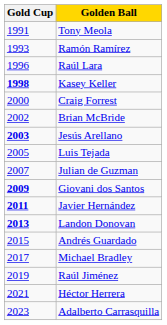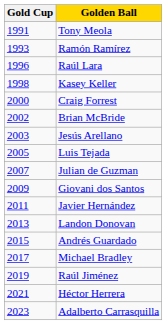 <table class="wikitable">
 <tr>
 <th>Gold Cup</th>
 <th scope=col style="background-color: gold">Golden Ball</th>
 </tr>
 <tr>
 <td align=left><a href='#'>1991</a></td>
 <td> <a href='#'>Tony Meola</a></td>
 </tr>
 <tr>
 <td align=left><a href='#'>1993</a></td>
 <td> <a href='#'>Ramón Ramírez</a></td>
 </tr>
 <tr>
 <td align=left><a href='#'>1996</a></td>
 <td> <a href='#'>Raúl Lara</a></td>
 </tr>
 <tr>
-<td align=left><strong><a href='#'>1998</a></strong></td>
+<td align=left><a href='#'>1998</a></td>
 <td> <a href='#'>Kasey Keller</a></td>
 </tr>
 <tr>
 <td align=left><a href='#'>2000</a></td>
 <td> <a href='#'>Craig Forrest</a></td>
 </tr>
 <tr>
 <td align=left><a href='#'>2002</a></td>
 <td> <a href='#'>Brian McBride</a></td>
 </tr>
 <tr>
-<td align=left><strong><a href='#'>2003</a></strong></td>
+<td align=left><a href='#'>2003</a></td>
 <td> <a href='#'>Jesús Arellano</a></td>
 </tr>
 <tr>
 <td align=left><a href='#'>2005</a></td>
 <td> <a href='#'>Luis Tejada</a></td>
 </tr>
 <tr>
 <td align=left><a href='#'>2007</a></td>
 <td> <a href='#'>Julian de Guzman</a></td>
 </tr>
 <tr>
-<td align=left><strong><a href='#'>2009</a></strong></td>
+<td align=left><a href='#'>2009</a></td>
 <td> <a href='#'>Giovani dos Santos</a></td>
 </tr>
 <tr>
-<td align=left><strong><a href='#'>2011</a></strong></td>
+<td align=left><a href='#'>2011</a></td>
 <td> <a href='#'>Javier Hernández</a></td>
 </tr>
 <tr>
-<td align=left><strong><a href='#'>2013</a></strong></td>
+<td align=left><a href='#'>2013</a></td>
 <td> <a href='#'>Landon Donovan</a></td>
 </tr>
 <tr>
 <td align=left><a href='#'>2015</a></td>
 <td> <a href='#'>Andrés Guardado</a></td>
 </tr>
 <tr>
 <td align=left><a href='#'>2017</a></td>
 <td> <a href='#'>Michael Bradley</a></td>
 </tr>
 <tr>
 <td align=left><a href='#'>2019</a></td>
 <td> <a href='#'>Raúl Jiménez</a></td>
 </tr>
 <tr>
 <td align=left><a href='#'>2021</a></td>
 <td> <a href='#'>Héctor Herrera</a></td>
 </tr>
 <tr>
 <td align=left><a href='#'>2023</a></td>
 <td> <a href='#'>Adalberto Carrasquilla</a></td>
 </tr>
 </table>
